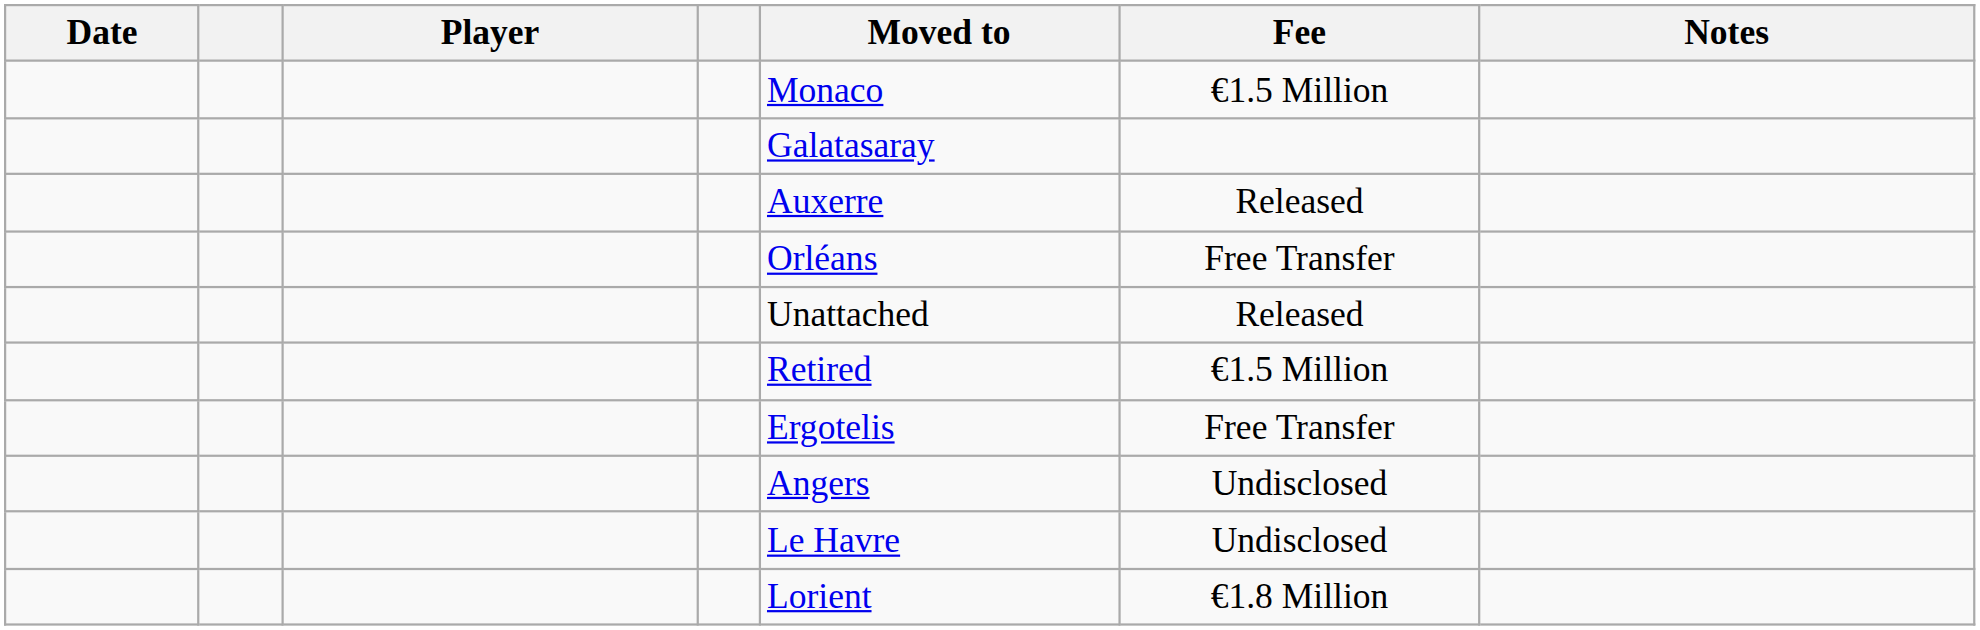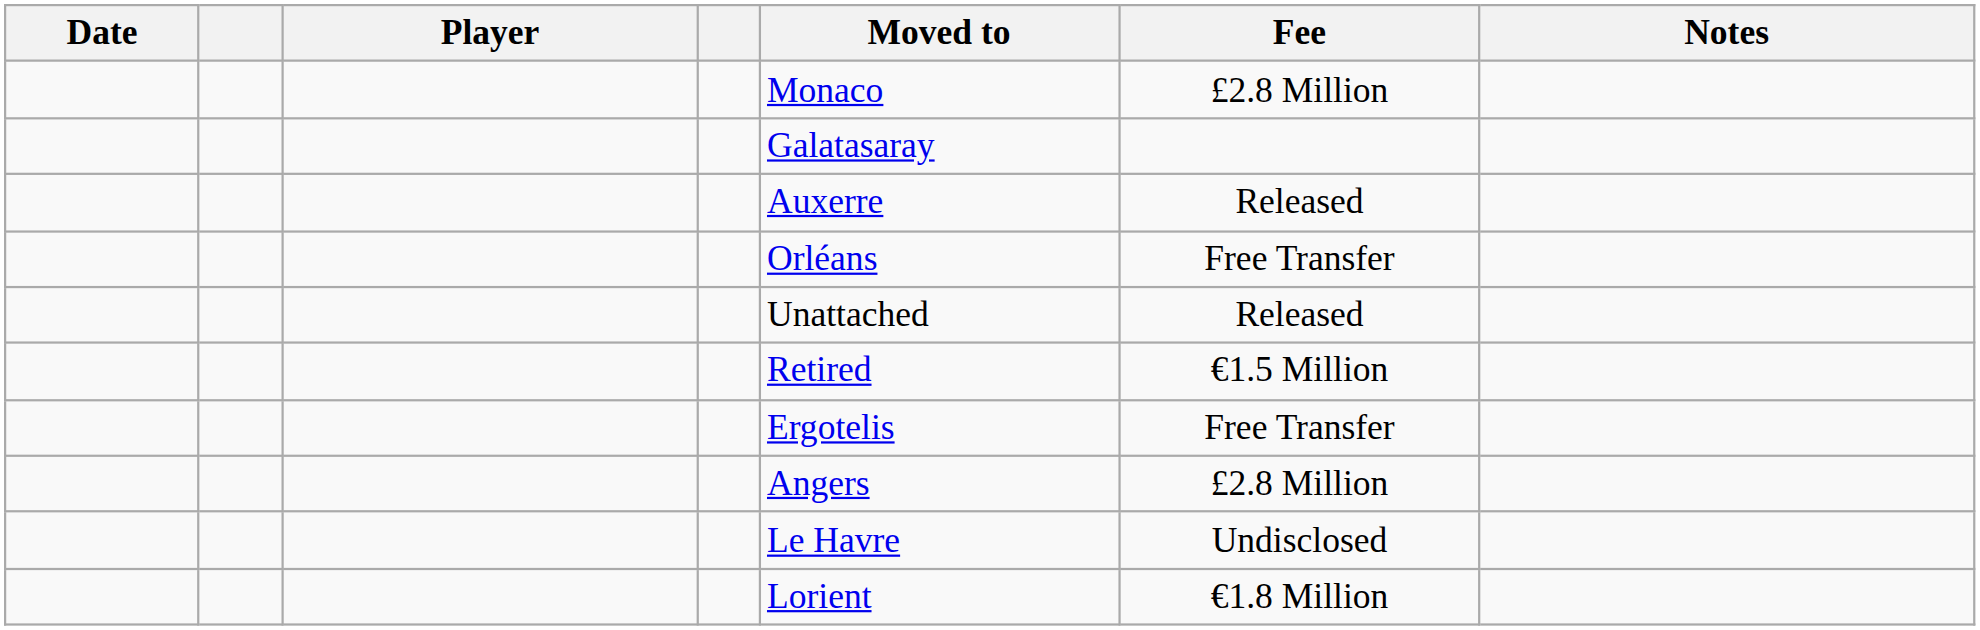 <table class="wikitable sortable">
 <tr>
 <th style="width:80px;">Date</th>
 <th style="width:30px;"></th>
 <th style="width:180px;">Player</th>
 <th style="width:20px;"></th>
 <th style="width:155px;">Moved to</th>
 <th style="width:155px;" class="unsortable">Fee</th>
 <th style="width:215px;" class="unsortable">Notes</th>
 </tr>
 <tr>
 <td></td>
 <td align=center></td>
 <td> </td>
 <td></td>
 <td> <a href='#'>Monaco</a></td>
-<td align=center>€1.5 Million</td>
+<td align=center>£2.8 Million</td>
 <td align=center></td>
 </tr>
 <tr>
 <td></td>
 <td align=center></td>
 <td> </td>
 <td></td>
 <td> <a href='#'>Galatasaray</a></td>
 <td align=center></td>
 <td align=center></td>
 </tr>
 <tr>
 <td></td>
 <td align=center></td>
 <td> </td>
 <td></td>
 <td> <a href='#'>Auxerre</a></td>
 <td align=center>Released</td>
 <td align=center></td>
 </tr>
 <tr>
 <td></td>
 <td align=center></td>
 <td> </td>
 <td></td>
 <td> <a href='#'>Orléans</a></td>
 <td align=center>Free Transfer</td>
 <td align=center></td>
 </tr>
 <tr>
 <td></td>
 <td align=center></td>
 <td> </td>
 <td></td>
 <td>Unattached</td>
 <td align=center>Released</td>
 <td align=center></td>
 </tr>
 <tr>
 <td></td>
 <td align=center></td>
 <td> </td>
 <td></td>
 <td><a href='#'>Retired</a></td>
 <td align=center>€1.5 Million</td>
 <td align=center></td>
 </tr>
 <tr>
 <td></td>
 <td align=center></td>
 <td> </td>
 <td></td>
 <td> <a href='#'>Ergotelis</a></td>
 <td align=center>Free Transfer</td>
 <td align=center></td>
 </tr>
 <tr>
 <td></td>
 <td align=center></td>
 <td> </td>
 <td></td>
 <td> <a href='#'>Angers</a></td>
-<td align=center>Undisclosed</td>
+<td align=center>£2.8 Million</td>
 <td align=center></td>
 </tr>
 <tr>
 <td></td>
 <td align=center></td>
 <td> </td>
 <td></td>
 <td> <a href='#'>Le Havre</a></td>
 <td align=center>Undisclosed</td>
 <td align=center></td>
 </tr>
 <tr>
 <td></td>
 <td align=center></td>
 <td> </td>
 <td></td>
 <td> <a href='#'>Lorient</a></td>
 <td align=center>€1.8 Million</td>
 <td align=center></td>
 </tr>
 </table>
